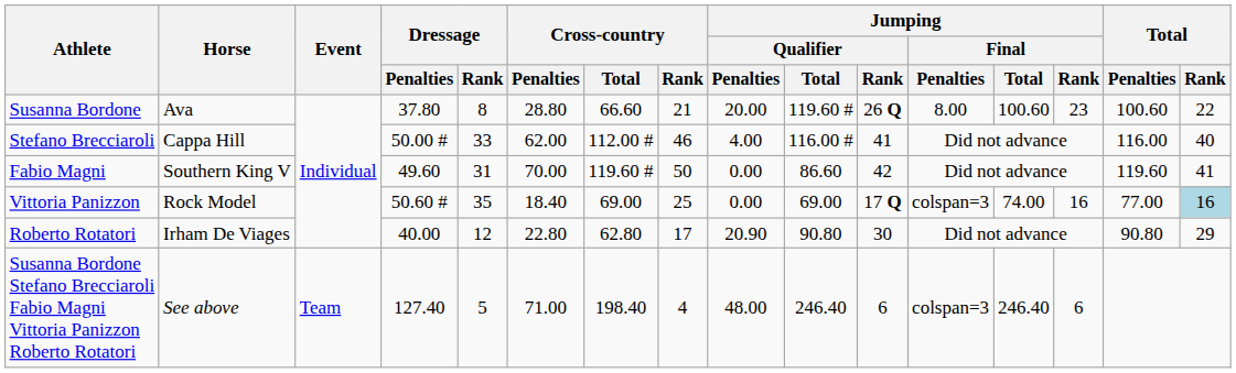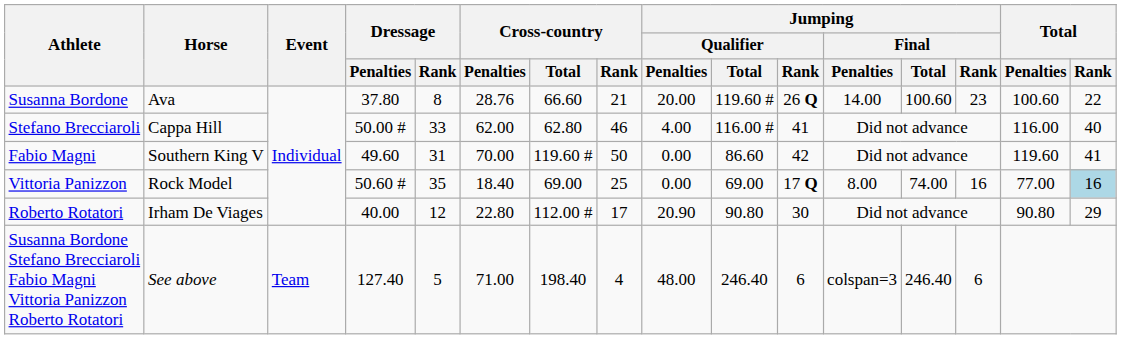 <table class=wikitable style="font-size:90%">
 <tr>
 <th rowspan="3">Athlete</th>
 <th rowspan="3">Horse</th>
 <th rowspan="3">Event</th>
 <th colspan="2" rowspan="2">Dressage</th>
 <th colspan="3" rowspan="2">Cross-country</th>
 <th colspan="6">Jumping</th>
 <th colspan="2" rowspan="2">Total</th>
 </tr>
 <tr style="font-size:95%">
 <th colspan="3">Qualifier</th>
 <th colspan="3">Final</th>
 </tr>
 <tr style="font-size:95%">
 <th>Penalties</th>
 <th>Rank</th>
 <th>Penalties</th>
 <th>Total</th>
 <th>Rank</th>
 <th>Penalties</th>
 <th>Total</th>
 <th>Rank</th>
 <th>Penalties</th>
 <th>Total</th>
 <th>Rank</th>
 <th>Penalties</th>
 <th>Rank</th>
 </tr>
 <tr align=center>
 <td align=left><a href='#'>Susanna Bordone</a></td>
 <td align=left>Ava</td>
 <td align=left rowspan=5><a href='#'>Individual</a></td>
 <td>37.80</td>
 <td>8</td>
-<td>28.80</td>
+<td>28.76</td>
 <td>66.60</td>
 <td>21</td>
 <td>20.00</td>
 <td>119.60 #</td>
 <td>26 <strong>Q</strong></td>
-<td>8.00</td>
+<td>14.00</td>
 <td>100.60</td>
 <td>23</td>
 <td>100.60</td>
 <td>22</td>
 </tr>
 <tr align=center>
 <td align=left><a href='#'>Stefano Brecciaroli</a></td>
 <td align=left>Cappa Hill</td>
 <td>50.00 #</td>
 <td>33</td>
 <td>62.00</td>
-<td>112.00 #</td>
+<td>62.80</td>
 <td>46</td>
 <td>4.00</td>
 <td>116.00 #</td>
 <td>41</td>
 <td colspan=3>Did not advance</td>
 <td>116.00</td>
 <td>40</td>
 </tr>
 <tr align=center>
 <td align=left><a href='#'>Fabio Magni</a></td>
 <td align=left>Southern King V</td>
 <td>49.60</td>
 <td>31</td>
 <td>70.00</td>
 <td>119.60 #</td>
 <td>50</td>
 <td>0.00</td>
 <td>86.60</td>
 <td>42</td>
 <td colspan=3>Did not advance</td>
 <td>119.60</td>
 <td>41</td>
 </tr>
 <tr align=center>
 <td align=left><a href='#'>Vittoria Panizzon</a></td>
 <td align=left>Rock Model</td>
 <td>50.60 #</td>
 <td>35</td>
 <td>18.40</td>
 <td>69.00</td>
 <td>25</td>
 <td>0.00</td>
 <td>69.00</td>
 <td>17 <strong>Q</strong></td>
-<td>colspan=3 </td>
+<td>8.00</td>
 <td>74.00</td>
 <td>16</td>
 <td>77.00</td>
 <td style="background: lightblue;">16</td>
 </tr>
 <tr align=center>
 <td align=left><a href='#'>Roberto Rotatori</a></td>
 <td align=left>Irham De Viages</td>
 <td>40.00</td>
 <td>12</td>
 <td>22.80</td>
-<td>62.80</td>
+<td>112.00 #</td>
 <td>17</td>
 <td>20.90</td>
 <td>90.80</td>
 <td>30</td>
 <td colspan=3>Did not advance</td>
 <td>90.80</td>
 <td>29</td>
 </tr>
 <tr align=center>
 <td align=left><a href='#'>Susanna Bordone</a><br><a href='#'>Stefano Brecciaroli</a><br><a href='#'>Fabio Magni</a><br><a href='#'>Vittoria Panizzon</a><br><a href='#'>Roberto Rotatori</a></td>
 <td align=left><em>See above</em></td>
 <td align=left><a href='#'>Team</a></td>
 <td>127.40</td>
 <td>5</td>
 <td>71.00</td>
 <td>198.40</td>
 <td>4</td>
 <td>48.00</td>
 <td>246.40</td>
 <td>6</td>
 <td>colspan=3 </td>
 <td>246.40</td>
 <td>6</td>
 </tr>
 </table>
